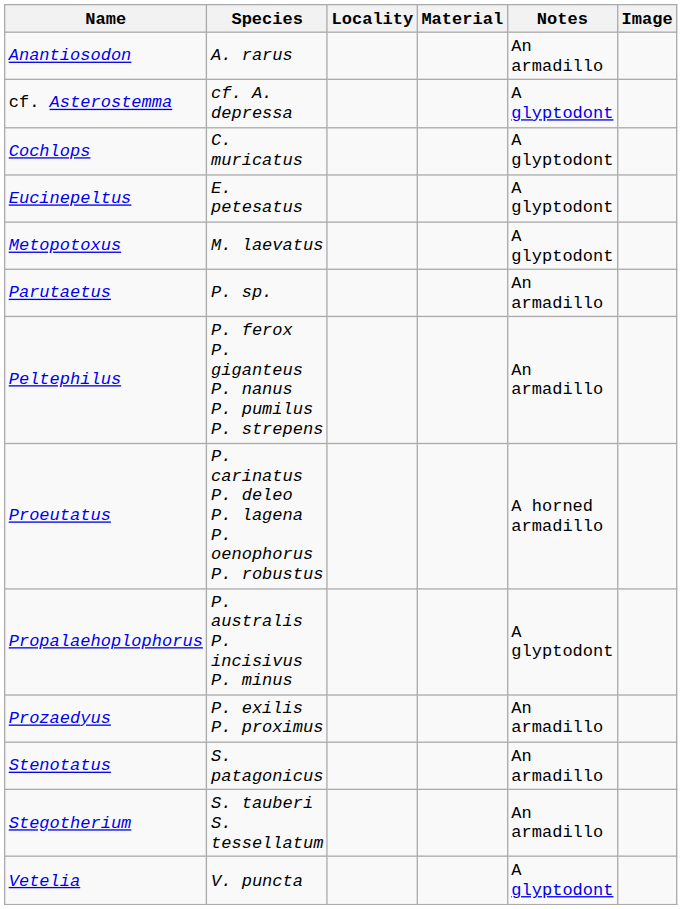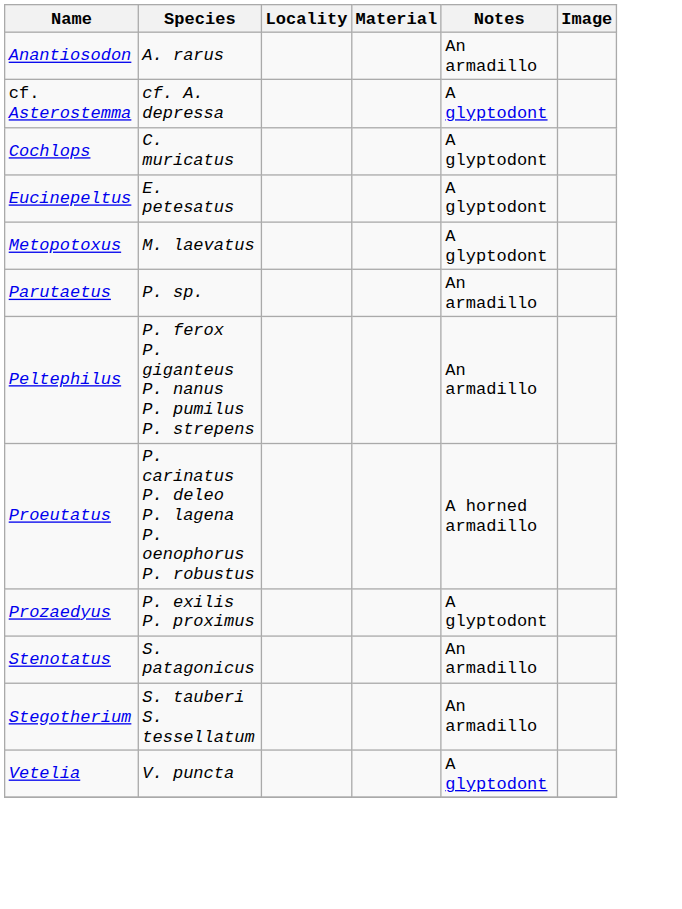 <table class="wikitable" align="center" width="75%">
 <tr>
 <th>Name</th>
 <th>Species</th>
 <th>Locality</th>
 <th>Material</th>
 <th>Notes</th>
 <th>Image</th>
 </tr>
 <tr>
 <td><em><a href='#'>Anantiosodon</a></em></td>
 <td><em>A. rarus</em></td>
 <td></td>
 <td></td>
 <td>An armadillo</td>
 <td></td>
 </tr>
 <tr>
 <td>cf. <a href='#'><em>Asterostemma</em></a></td>
 <td><em>cf. A. depressa</em></td>
 <td></td>
 <td></td>
 <td>A <a href='#'>glyptodont</a></td>
 <td></td>
 </tr>
 <tr>
 <td><em><a href='#'>Cochlops</a></em></td>
 <td><em>C. muricatus</em></td>
 <td></td>
 <td></td>
 <td>A glyptodont</td>
 <td></td>
 </tr>
 <tr>
 <td><em><a href='#'>Eucinepeltus</a></em></td>
 <td><em>E. petesatus</em></td>
 <td></td>
 <td></td>
 <td>A glyptodont</td>
 <td></td>
 </tr>
 <tr>
 <td><em><a href='#'>Metopotoxus</a></em></td>
 <td><em>M. laevatus</em></td>
 <td></td>
 <td></td>
 <td>A glyptodont</td>
 <td></td>
 </tr>
 <tr>
 <td><em><a href='#'>Parutaetus</a></em></td>
 <td><em>P. sp.</em></td>
 <td></td>
 <td></td>
 <td>An armadillo</td>
 <td></td>
 </tr>
 <tr>
 <td><em><a href='#'>Peltephilus</a></em></td>
 <td><em>P. ferox</em><br><em>P. giganteus</em><br><em>P. nanus</em><br><em>P. pumilus</em><br><em>P. strepens</em></td>
 <td></td>
 <td></td>
 <td>An armadillo</td>
 <td></td>
 </tr>
 <tr>
 <td><em><a href='#'>Proeutatus</a></em></td>
 <td><em>P. carinatus</em><br><em>P. deleo</em><br><em>P. lagena</em><br><em>P. oenophorus</em><br><em>P. robustus</em></td>
 <td></td>
 <td></td>
 <td>A horned armadillo</td>
 <td></td>
 </tr>
 <tr>
-<td><em><a href='#'>Propalaehoplophorus</a></em></td>
-<td><em>P. australis</em><br><em>P. incisivus</em>  <em>P. minus</em></td>
-<td></td>
-<td></td>
-<td>A glyptodont</td>
-<td></td>
-</tr>
-<tr>
 <td><em><a href='#'>Prozaedyus</a></em> </td>
 <td><em>P. exilis</em><br><em>P. proximus</em></td>
 <td></td>
 <td></td>
-<td>An armadillo</td>
+<td>A glyptodont</td>
 <td></td>
 </tr>
 <tr>
 <td><em><a href='#'>Stenotatus</a></em></td>
 <td><em>S. patagonicus</em></td>
 <td></td>
 <td></td>
 <td>An armadillo</td>
 <td></td>
 </tr>
 <tr>
 <td><em><a href='#'>Stegotherium</a></em></td>
 <td><em>S. tauberi</em><br><em>S. tessellatum</em></td>
 <td></td>
 <td></td>
 <td>An armadillo</td>
 <td></td>
 </tr>
 <tr>
 <td><em><a href='#'>Vetelia</a></em></td>
 <td><em>V. puncta</em></td>
 <td></td>
 <td></td>
 <td>A <a href='#'>glyptodont</a></td>
 <td></td>
 </tr>
 <tr>
 </tr>
 </table>
